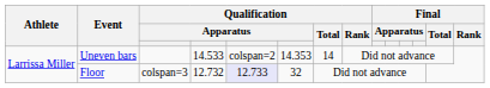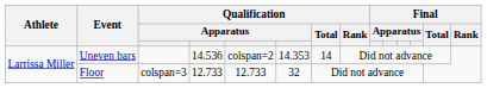 <table class="wikitable" style="font-size:90%">
 <tr>
 <th rowspan=3>Athlete</th>
 <th rowspan=3>Event</th>
 <th colspan=6>Qualification</th>
 <th colspan=6>Final</th>
 </tr>
 <tr style="font-size:95%">
 <th colspan=4>Apparatus</th>
 <th rowspan=2>Total</th>
 <th rowspan=2>Rank</th>
 <th colspan=4>Apparatus</th>
 <th rowspan=2>Total</th>
 <th rowspan=2>Rank</th>
 </tr>
 <tr style="font-size:95%">
 <th></th>
 <th></th>
 <th></th>
 <th></th>
 <th></th>
 <th></th>
 <th></th>
 <th></th>
 </tr>
 <tr align=center>
 <td align=left rowspan=2><a href='#'>Larrissa Miller</a></td>
 <td align=left><a href='#'>Uneven bars</a></td>
 <td></td>
-<td>14.533</td>
+<td>14.536</td>
 <td>colspan=2 </td>
 <td>14.353</td>
 <td>14</td>
 <td colspan=6>Did not advance</td>
 </tr>
 <tr align=center>
 <td align=left><a href='#'>Floor</a></td>
 <td>colspan=3 </td>
-<td>12.732</td>
-<td style="background: lavender;">12.733</td>
+<td>12.733</td>
+<td>12.733</td>
 <td>32</td>
 <td colspan=6>Did not advance</td>
 </tr>
 </table>
